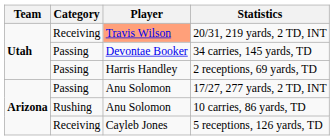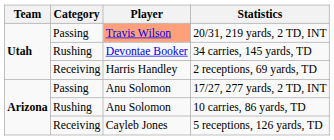 <table class="wikitable" style="float: right;">
 <tr>
 <th>Team</th>
 <th>Category</th>
 <th>Player</th>
 <th>Statistics</th>
 </tr>
 <tr>
 <td rowspan=3><strong>Utah</strong></td>
-<td>Receiving</td>
+<td>Passing</td>
 <td style="background: lightsalmon;"><a href='#'>Travis Wilson</a></td>
 <td>20/31, 219 yards, 2 TD, INT</td>
 </tr>
 <tr>
-<td>Passing</td>
+<td>Rushing</td>
 <td><a href='#'>Devontae Booker</a></td>
 <td>34 carries, 145 yards, TD</td>
 </tr>
 <tr>
-<td>Passing</td>
+<td>Receiving</td>
 <td>Harris Handley</td>
 <td>2 receptions, 69 yards, TD</td>
 </tr>
 <tr>
 <td rowspan=3><strong>Arizona</strong></td>
 <td>Passing</td>
 <td>Anu Solomon</td>
 <td>17/27, 277 yards, 2 TD, INT</td>
 </tr>
 <tr>
 <td>Rushing</td>
 <td>Anu Solomon</td>
 <td>10 carries, 86 yards, TD</td>
 </tr>
 <tr>
 <td>Receiving</td>
 <td>Cayleb Jones</td>
 <td>5 receptions, 126 yards, TD</td>
 </tr>
 </table>
